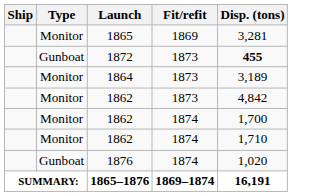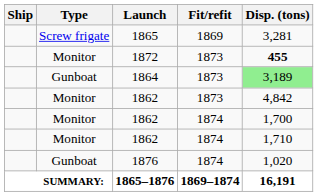 <table class="wikitable">
 <tr>
 <th>Ship</th>
 <th>Type</th>
 <th>Launch</th>
 <th>Fit/refit</th>
 <th>Disp. (tons)</th>
 </tr>
 <tr align="center">
 <td align="left"></td>
-<td>Monitor</td>
+<td><a href='#'>Screw frigate</a></td>
 <td>1865</td>
 <td>1869</td>
 <td>3,281</td>
 </tr>
 <tr align="center">
 <td align="left"></td>
-<td>Gunboat</td>
+<td>Monitor</td>
 <td>1872</td>
 <td>1873</td>
 <td><strong>455</strong></td>
 </tr>
 <tr align="center">
 <td align="left"></td>
-<td>Monitor</td>
+<td>Gunboat</td>
 <td>1864</td>
 <td>1873</td>
-<td>3,189</td>
+<td style="background: lightgreen;">3,189</td>
 </tr>
 <tr align="center">
 <td align="left"></td>
 <td>Monitor</td>
 <td>1862</td>
 <td>1873</td>
 <td>4,842</td>
 </tr>
 <tr align="center">
 <td align="left"></td>
 <td>Monitor</td>
 <td>1862</td>
 <td>1874</td>
 <td>1,700</td>
 </tr>
 <tr align="center">
 <td align="left"></td>
 <td>Monitor</td>
 <td>1862</td>
 <td>1874</td>
 <td>1,710</td>
 </tr>
 <tr align="center">
 <td align="left"></td>
 <td>Gunboat</td>
 <td>1876</td>
 <td>1874</td>
 <td>1,020</td>
 </tr>
 <tr class="sortbottom" style="background:white; font-weight:600;" align="center">
 <td align="right" colspan=2><small>SUMMARY:  </small></td>
 <td>1865–1876</td>
 <td>1869–1874</td>
 <td>16,191</td>
 </tr>
 </table>
